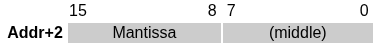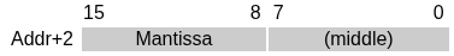 <table style="text-align:center;">
 <tr>
 <td style="width:60px;"></td>
 <td style="width:15px;">15</td>
 <td style="width:15px;"></td>
 <td style="width:15px;"></td>
 <td style="width:15px;"></td>
 <td style="width:15px;"></td>
 <td style="width:15px;"></td>
 <td style="width:15px;"></td>
 <td style="width:15px;">8</td>
 <td style="width:15px;">7</td>
 <td style="width:15px;"></td>
 <td style="width:15px;"></td>
 <td style="width:15px;"></td>
 <td style="width:15px;"></td>
 <td style="width:15px;"></td>
 <td style="width:15px;"></td>
 <td style="width:15px;">0</td>
 </tr>
 <tr>
-<td colspan="1" style="background-color:#FFF;"><strong>Addr+2</strong></td>
+<td colspan="1" style="background-color:#FFF;">Addr+2</td>
 <td colspan="8" style="background-color:#CCC;">Mantissa</td>
 <td colspan="8" style="background-color:#CCC;">(middle)</td>
 </tr>
 </table>
